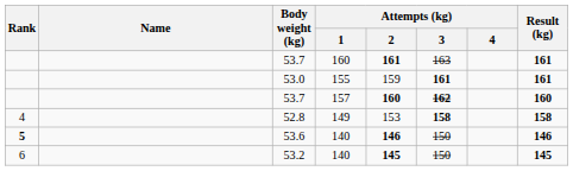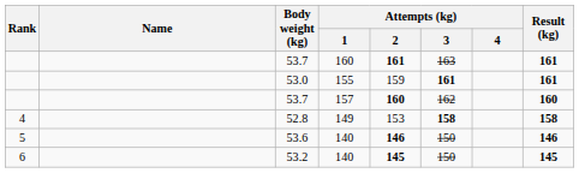 <table class="wikitable" style="text-align:center;">
 <tr>
 <th rowspan="2">Rank</th>
 <th rowspan="2" width="305">Name</th>
 <th rowspan="2" width="50">Body weight (kg)</th>
 <th colspan="4">Attempts (kg)</th>
 <th rowspan="2" width="60">Result (kg)</th>
 </tr>
 <tr>
 <th width="60">1</th>
 <th width="60">2</th>
 <th width="60">3</th>
 <th width="60">4</th>
 </tr>
 <tr>
 <td></td>
 <td align=left></td>
 <td>53.7</td>
 <td>160</td>
 <td><strong>161</strong></td>
 <td><s>163</s></td>
 <td></td>
 <td><strong>161</strong></td>
 </tr>
 <tr>
 <td></td>
 <td align=left></td>
 <td>53.0</td>
 <td>155</td>
 <td>159</td>
 <td><strong>161</strong></td>
 <td></td>
 <td><strong>161</strong></td>
 </tr>
 <tr>
 <td></td>
 <td align=left></td>
 <td>53.7</td>
 <td>157</td>
 <td><strong>160</strong></td>
-<td><strong><s>162</s></strong></td>
+<td><s>162</s></td>
 <td></td>
 <td><strong>160</strong></td>
 </tr>
 <tr>
 <td>4</td>
 <td align=left></td>
 <td>52.8</td>
 <td>149</td>
 <td>153</td>
 <td><strong>158</strong></td>
 <td></td>
 <td><strong>158</strong></td>
 </tr>
 <tr>
-<td><strong>5</strong></td>
+<td>5</td>
 <td align=left></td>
 <td>53.6</td>
 <td>140</td>
 <td><strong>146</strong></td>
 <td><s>150</s></td>
 <td></td>
 <td><strong>146</strong></td>
 </tr>
 <tr>
 <td>6</td>
 <td align=left></td>
 <td>53.2</td>
 <td>140</td>
 <td><strong>145</strong></td>
 <td><s>150</s></td>
 <td></td>
 <td><strong>145</strong></td>
 </tr>
 </table>
